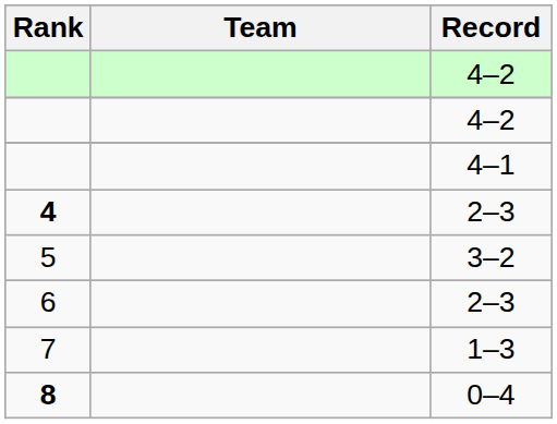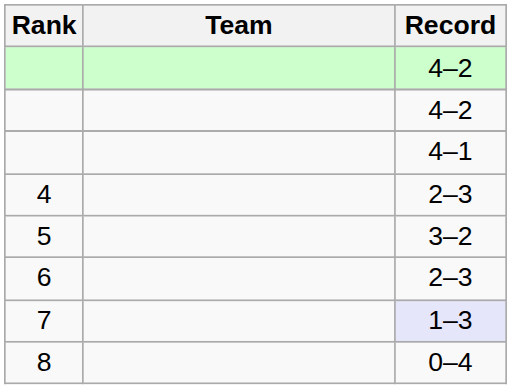 <table class="wikitable" style="text-align: center;">
 <tr>
 <th width=40>Rank</th>
 <th width=180>Team</th>
 <th width=60>Record</th>
 </tr>
 <tr bgcolor=ccffcc>
 <td></td>
 <td align=left></td>
 <td>4–2</td>
 </tr>
 <tr>
 </tr>
 <tr bgcolor=>
 <td></td>
 <td align=left></td>
 <td>4–2</td>
 </tr>
 <tr>
 </tr>
 <tr bgcolor=>
 <td></td>
 <td align=left></td>
 <td>4–1</td>
 </tr>
 <tr>
-<td><strong>4</strong></td>
+<td>4</td>
 <td align=left></td>
 <td>2–3</td>
 </tr>
 <tr>
 <td>5</td>
 <td align=left></td>
 <td>3–2</td>
 </tr>
 <tr>
 <td>6</td>
 <td align=left></td>
 <td>2–3</td>
 </tr>
 <tr>
 <td>7</td>
 <td align=left></td>
-<td>1–3</td>
+<td style="background: lavender;">1–3</td>
 </tr>
 <tr>
-<td><strong>8</strong></td>
+<td>8</td>
 <td align=left></td>
 <td>0–4</td>
 </tr>
 </table>
